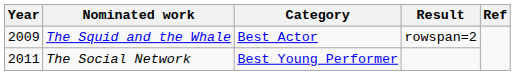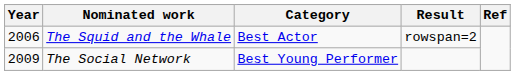 <table class="wikitable">
 <tr>
 <th>Year</th>
 <th>Nominated work</th>
 <th>Category</th>
 <th>Result</th>
 <th>Ref</th>
 </tr>
 <tr>
-<td>2009</td>
+<td>2006</td>
 <td><em><a href='#'>The Squid and the Whale</a></em></td>
 <td><a href='#'>Best Actor</a></td>
 <td>rowspan=2 </td>
 <td rowspan=2></td>
 </tr>
 <tr>
-<td>2011</td>
+<td>2009</td>
 <td><em>The Social Network</em></td>
 <td><a href='#'>Best Young Performer</a></td>
 </tr>
 </table>
